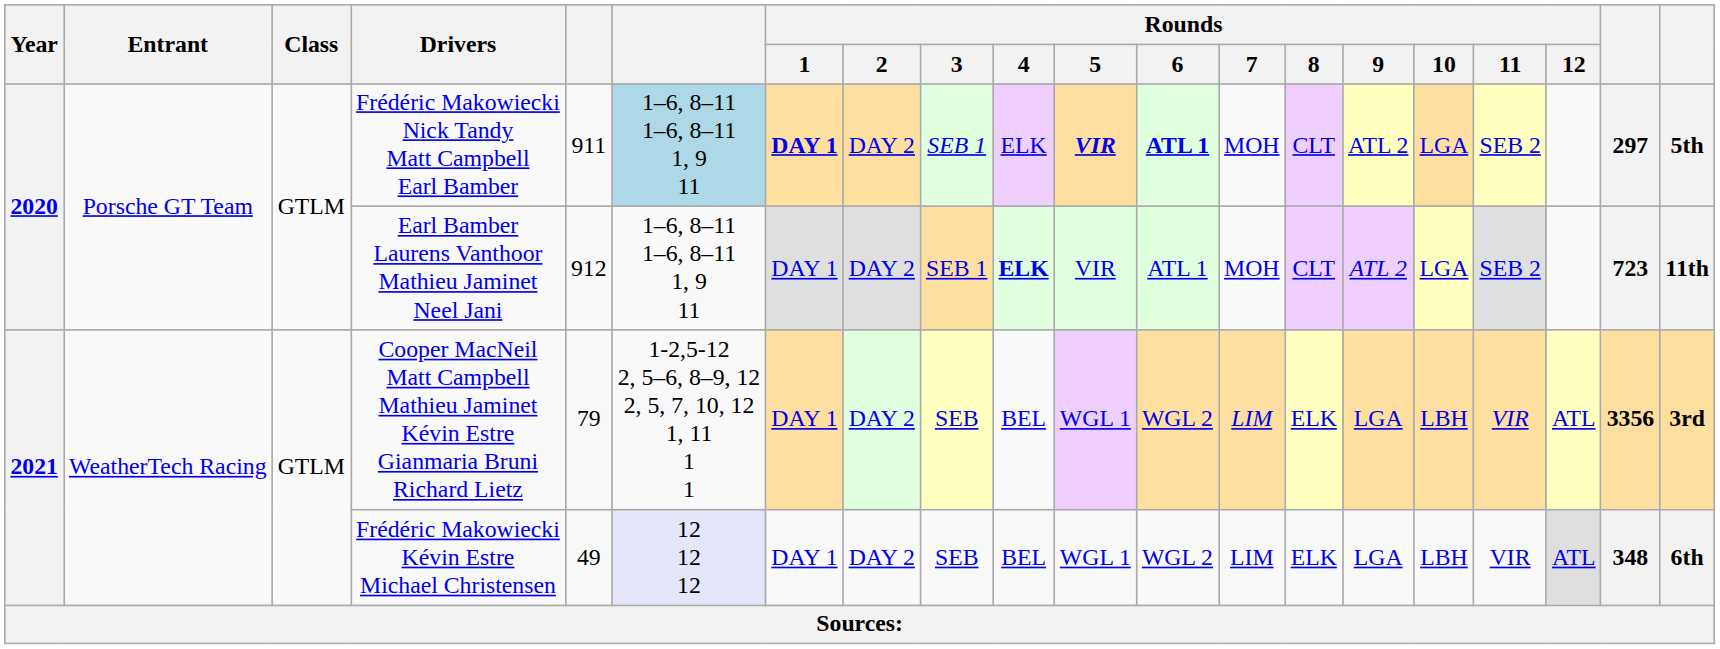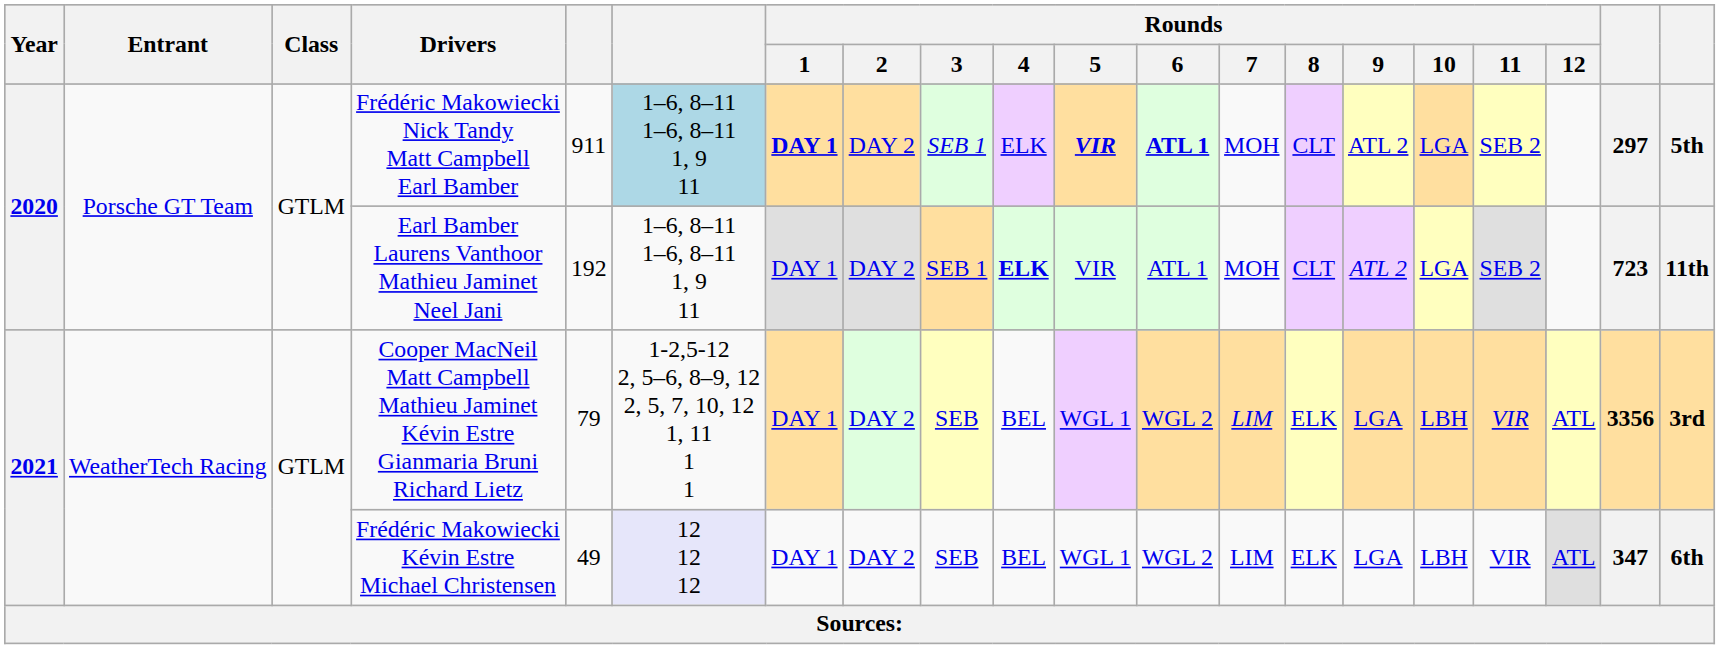 <table class = "wikitable" style="text-align:center; font-size:90%">
 <tr>
 <th rowspan="2">Year</th>
 <th rowspan="2">Entrant</th>
 <th rowspan="2">Class</th>
 <th rowspan="2">Drivers</th>
 <th rowspan="2"></th>
 <th rowspan="2"></th>
 <th colspan="12">Rounds</th>
 <th rowspan="2" scope="col"></th>
 <th rowspan="2" scope="col"></th>
 </tr>
 <tr>
 <th scope="col">1</th>
 <th scope="col">2</th>
 <th scope="col">3</th>
 <th scope="col">4</th>
 <th scope="col">5</th>
 <th scope="col">6</th>
 <th scope="col">7</th>
 <th scope="col">8</th>
 <th scope="col">9</th>
 <th scope="col">10</th>
 <th scope="col">11</th>
 <th scope="col">12</th>
 </tr>
 <tr>
 <th rowspan="2"><a href='#'>2020</a></th>
 <td rowspan="2"> <a href='#'>Porsche GT Team</a></td>
 <td rowspan="2">GTLM</td>
 <td> <a href='#'>Frédéric Makowiecki</a><br> <a href='#'>Nick Tandy</a><br> <a href='#'>Matt Campbell</a><br> <a href='#'>Earl Bamber</a></td>
 <td>911</td>
 <td style="background: lightblue;">1–6, 8–11<br>1–6, 8–11<br>1, 9<br>11</td>
 <td style="background:#ffdf9f;"><strong><a href='#'>DAY 1</a><br></strong></td>
 <td style="background:#ffdf9f;"><a href='#'>DAY 2</a><br></td>
 <td style="background:#dfffdf;"><em><a href='#'>SEB 1</a><br></em></td>
 <td style="background:#efcfff;"><a href='#'>ELK</a><br></td>
 <td style="background:#ffdf9f;"><strong><em><a href='#'>VIR</a><br></em></strong></td>
 <td style="background:#dfffdf;"><strong><a href='#'>ATL 1</a><br></strong></td>
 <td style="background:#;"><a href='#'>MOH</a><br></td>
 <td style="background:#efcfff;"><a href='#'>CLT</a><br></td>
 <td style="background:#ffffbf;"><a href='#'>ATL 2</a><br></td>
 <td style="background:#ffdf9f;"><a href='#'>LGA</a><br></td>
 <td style="background:#ffffbf;"><a href='#'>SEB 2</a><br></td>
 <td></td>
 <th>297</th>
 <th>5th</th>
 </tr>
 <tr>
 <td> <a href='#'>Earl Bamber</a><br> <a href='#'>Laurens Vanthoor</a><br> <a href='#'>Mathieu Jaminet</a><br> <a href='#'>Neel Jani</a></td>
-<td>912</td>
+<td>192</td>
 <td>1–6, 8–11<br>1–6, 8–11<br>1, 9<br>11</td>
 <td style="background:#dfdfdf;"><a href='#'>DAY 1</a><br></td>
 <td style="background:#dfdfdf;"><a href='#'>DAY 2</a><br></td>
 <td style="background:#ffdf9f;"><a href='#'>SEB 1</a><br></td>
 <td style="background:#dfffdf;"><strong><a href='#'>ELK</a><br></strong></td>
 <td style="background:#dfffdf;"><a href='#'>VIR</a><br></td>
 <td style="background:#dfffdf;"><a href='#'>ATL 1</a><br></td>
 <td style="background:#;"><a href='#'>MOH</a><br></td>
 <td style="background:#efcfff;"><a href='#'>CLT</a><br></td>
 <td style="background:#efcfff;"><em><a href='#'>ATL 2</a><br></em></td>
 <td style="background:#ffffbf;"><a href='#'>LGA</a><br></td>
 <td style="background:#dfdfdf;"><a href='#'>SEB 2</a><br></td>
 <td></td>
 <th>723</th>
 <th>11th</th>
 </tr>
 <tr>
 <th rowspan="2"><a href='#'>2021</a></th>
 <td rowspan="2"> <a href='#'>WeatherTech Racing</a></td>
 <td rowspan="2">GTLM</td>
 <td> <a href='#'>Cooper MacNeil</a><br> <a href='#'>Matt Campbell</a><br> <a href='#'>Mathieu Jaminet</a><br> <a href='#'>Kévin Estre</a><br> <a href='#'>Gianmaria Bruni</a><br> <a href='#'>Richard Lietz</a></td>
 <td>79</td>
 <td>1-2,5-12<br>2, 5–6, 8–9, 12<br>2, 5, 7, 10, 12<br>1, 11<br>1<br>1</td>
 <td style="background:#ffdf9f;"><a href='#'>DAY 1</a><br></td>
 <td style="background:#dfffdf;"><a href='#'>DAY 2</a><br></td>
 <td style="background:#ffffbf;"><a href='#'>SEB</a><br></td>
 <td style="background:#;”"><a href='#'>BEL</a><br></td>
 <td style="background:#efcfff;"><a href='#'>WGL 1</a><br></td>
 <td style="background:#ffdf9f;"><a href='#'>WGL 2</a><br></td>
 <td style="background:#ffdf9f;"><em><a href='#'>LIM</a><br></em></td>
 <td style="background:#ffffbf;"><a href='#'>ELK</a><br></td>
 <td style="background:#ffdf9f;"><a href='#'>LGA</a><br></td>
 <td style="background:#ffdf9f;"><a href='#'>LBH</a><br></td>
 <td style="background:#ffdf9f;"><em><a href='#'>VIR</a><br></em></td>
 <td style="background:#ffffbf;"><a href='#'>ATL</a><br></td>
 <th style="background:#ffdf9f;">3356</th>
 <th style="background:#ffdf9f;">3rd</th>
 </tr>
 <tr>
 <td> <a href='#'>Frédéric Makowiecki</a><br> <a href='#'>Kévin Estre</a><br> <a href='#'>Michael Christensen</a></td>
 <td>49</td>
 <td style="background: lavender;">12<br>12<br>12</td>
 <td style="background:#;”"><a href='#'>DAY 1</a><br></td>
 <td style="background:#;”"><a href='#'>DAY 2</a><br></td>
 <td style="background:#;”"><a href='#'>SEB</a><br></td>
 <td style="background:#;”"><a href='#'>BEL</a><br></td>
 <td style="background:#;”"><a href='#'>WGL 1</a><br></td>
 <td style="background:#;”"><a href='#'>WGL 2</a><br></td>
 <td style="background:#;”"><a href='#'>LIM</a><br></td>
 <td style="background:#;”"><a href='#'>ELK</a><br></td>
 <td style="background:#;”"><a href='#'>LGA</a><br></td>
 <td style="background:#;”"><a href='#'>LBH</a><br></td>
 <td style="background:#;”"><a href='#'>VIR</a><br></td>
 <td style="background:#dfdfdf;"><a href='#'>ATL</a><br></td>
-<th>348</th>
+<th>347</th>
 <th>6th</th>
 </tr>
 <tr>
 <th colspan="20">Sources:</th>
 </tr>
 </table>
